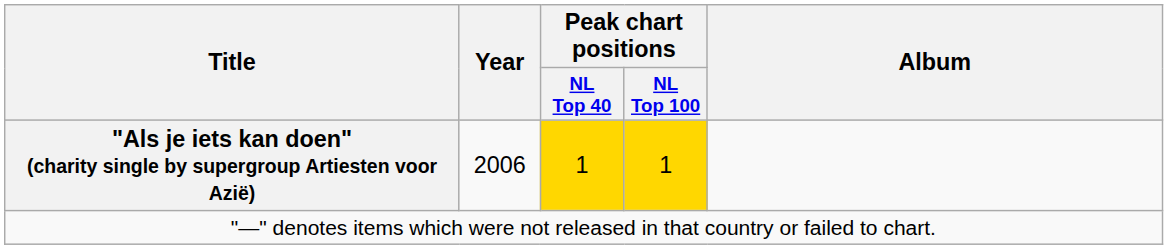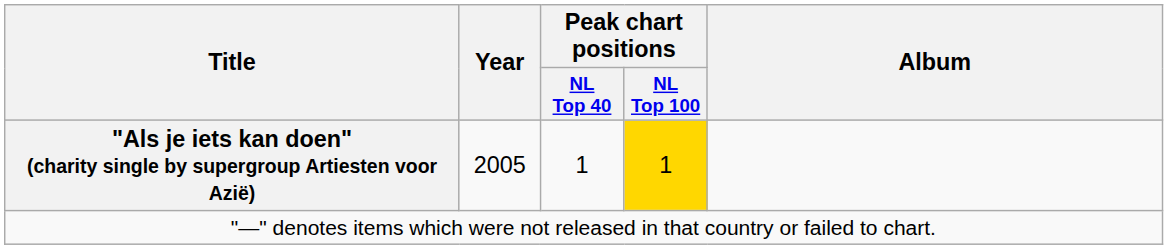 <table class="wikitable plainrowheaders" style="text-align:center;" border="1">
 <tr>
 <th scope="col" rowspan="2" style="width:19em;">Title</th>
 <th scope="col" rowspan="2" style="width:3em;">Year</th>
 <th scope="col" colspan="2">Peak chart positions</th>
 <th scope="col" rowspan="2" style="width:19em;">Album</th>
 </tr>
 <tr>
 <th scope="col" style="width:4em;font-size:80%;"><a href='#'>NL<br>Top 40</a><br></th>
 <th scope="col" style="width:4em;font-size:80%;"><a href='#'>NL<br>Top 100</a><br></th>
 </tr>
 <tr>
 <th scope="row">"Als je iets kan doen"<br><small>(charity single by supergroup Artiesten voor Azië)</small></th>
-<td rowspan="1">2006</td>
-<td style="background: gold;">1</td>
+<td rowspan="1">2005</td>
+<td>1</td>
 <td style="background: gold;">1</td>
 <td></td>
 </tr>
 <tr>
 <td colspan="7" align="center" style="font-size:90%;">"—" denotes items which were not released in that country or failed to chart.</td>
 </tr>
 </table>
